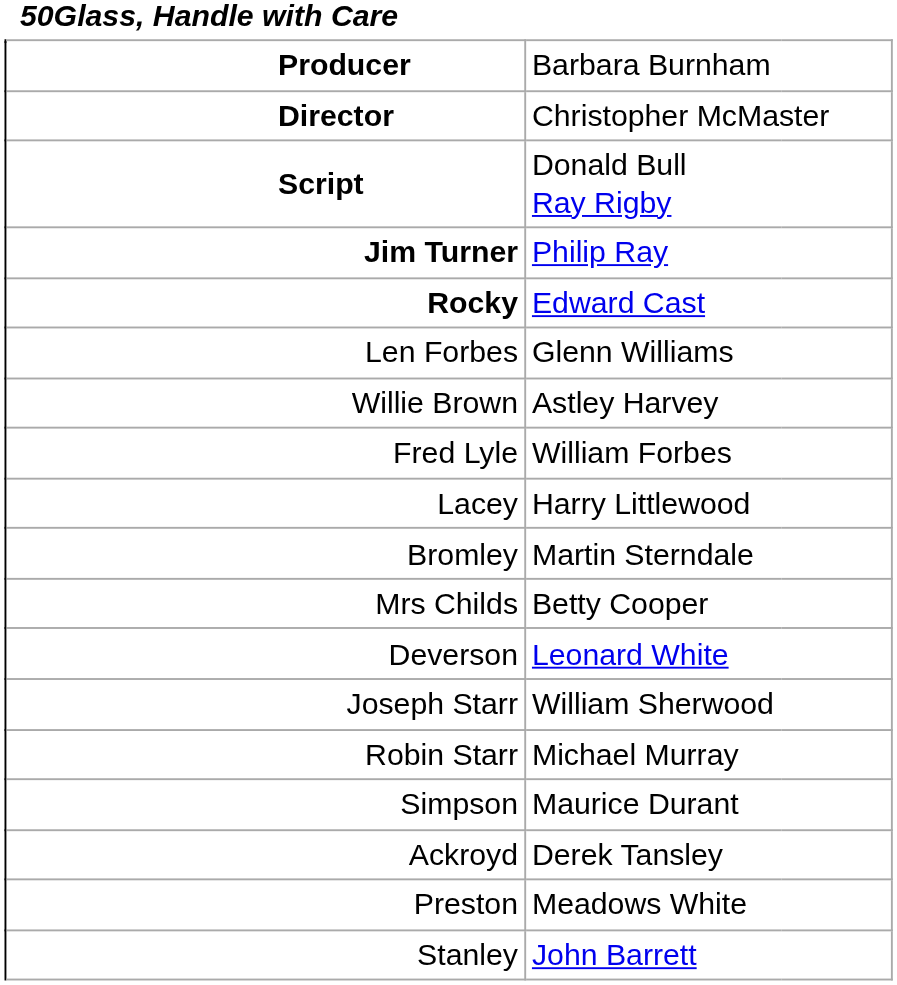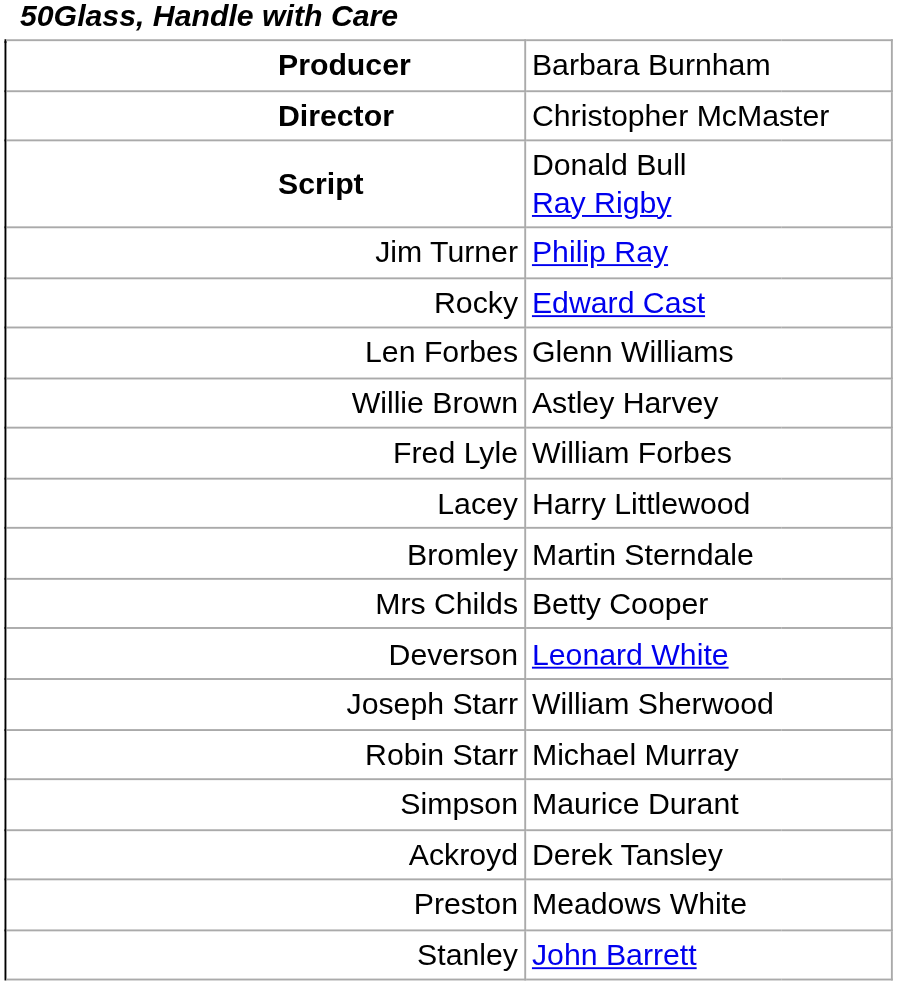 <table class="wikitable mw-collapsible mw-collapsed" style="vertical-align:top;margin:auto 2em;line-height:1.2;min-width:33em;display: inline-table;background-color:inherit;border:none;">
 <tr>
 <td class=unsortable style="border:hidden;line-height:1.67;text-align:center;margin-left:-1em;padding-left:0.5em;min-width:1.0em;"></td>
 <td class=unsortable style="border:none;padding-left:0.5em;text-align:left;min-width:16.5em;font-weight:700;font-style:italic;">50Glass, Handle with Care</td>
 <td class=unsortable style="border:none;text-align:right;font-weight:normal;font-family:Courier;font-size:95%;letter-spacing:-1pt;min-width:8.5em;padding-right:0.2em;"></td>
 <td class=unsortable style="border:hidden;min-width:3.5em;padding-left:0;"></td>
 <td class=unsortable style="border:hidden;min-width:3.5em;font-size:95%;"></td>
 </tr>
 <tr>
 <td rowspan=100 style="border:none thin;border-right-style :solid;"></td>
 </tr>
 <tr>
 <td style="text-align:left;padding-left:9.0em;font-weight:bold;">Producer</td>
 <td colspan=2>Barbara Burnham</td>
 </tr>
 <tr>
 <td style="text-align:left;padding-left:9.0em;font-weight:bold;">Director</td>
 <td colspan=2>Christopher McMaster</td>
 </tr>
 <tr>
 <td style="text-align:left;padding-left:9.0em;font-weight:bold;">Script</td>
 <td colspan=2>Donald Bull<br><a href='#'>Ray Rigby</a></td>
 </tr>
 <tr>
-<td style="text-align:right;"><strong>Jim Turner</strong></td>
+<td style="text-align:right;">Jim Turner</td>
 <td colspan=2><a href='#'>Philip Ray</a></td>
 </tr>
 <tr>
-<td style="text-align:right;"><strong>Rocky</strong></td>
+<td style="text-align:right;">Rocky</td>
 <td colspan=2><a href='#'>Edward Cast</a></td>
 </tr>
 <tr>
 <td style="text-align:right;">Len Forbes</td>
 <td colspan=2>Glenn Williams</td>
 </tr>
 <tr>
 <td style="text-align:right;">Willie Brown</td>
 <td colspan=2>Astley Harvey</td>
 </tr>
 <tr>
 <td style="text-align:right;">Fred Lyle</td>
 <td colspan=2>William Forbes</td>
 </tr>
 <tr>
 <td style="text-align:right;">Lacey</td>
 <td colspan=2>Harry Littlewood</td>
 </tr>
 <tr>
 <td style="text-align:right;">Bromley</td>
 <td colspan=2>Martin Sterndale</td>
 </tr>
 <tr>
 <td style="text-align:right;">Mrs Childs</td>
 <td colspan=2>Betty Cooper</td>
 </tr>
 <tr>
 <td style="text-align:right;">Deverson</td>
 <td colspan=2><a href='#'>Leonard White</a></td>
 </tr>
 <tr>
 <td style="text-align:right;">Joseph Starr</td>
 <td colspan=2>William Sherwood</td>
 </tr>
 <tr>
 <td style="text-align:right;">Robin Starr</td>
 <td colspan=2>Michael Murray</td>
 </tr>
 <tr>
 <td style="text-align:right;">Simpson</td>
 <td colspan=2>Maurice Durant</td>
 </tr>
 <tr>
 <td style="text-align:right;">Ackroyd</td>
 <td colspan=2>Derek Tansley</td>
 </tr>
 <tr>
 <td style="text-align:right;">Preston</td>
 <td colspan=2>Meadows White</td>
 </tr>
 <tr>
 <td style="text-align:right;">Stanley</td>
 <td colspan=2><a href='#'>John Barrett</a></td>
 </tr>
 </table>
